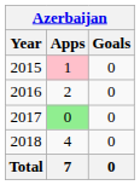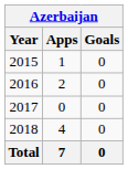 <table class="wikitable" style="text-align:center">
 <tr>
 <th colspan=3><a href='#'>Azerbaijan</a></th>
 </tr>
 <tr>
 <th>Year</th>
 <th>Apps</th>
 <th>Goals</th>
 </tr>
 <tr>
 <td>2015</td>
-<td style="background: pink;">1</td>
+<td>1</td>
 <td>0</td>
 </tr>
 <tr>
 <td>2016</td>
 <td>2</td>
 <td>0</td>
 </tr>
 <tr>
 <td>2017</td>
-<td style="background: lightgreen;">0</td>
+<td>0</td>
 <td>0</td>
 </tr>
 <tr>
 <td>2018</td>
 <td>4</td>
 <td>0</td>
 </tr>
 <tr>
 <th>Total</th>
 <th>7</th>
 <th>0</th>
 </tr>
 </table>
